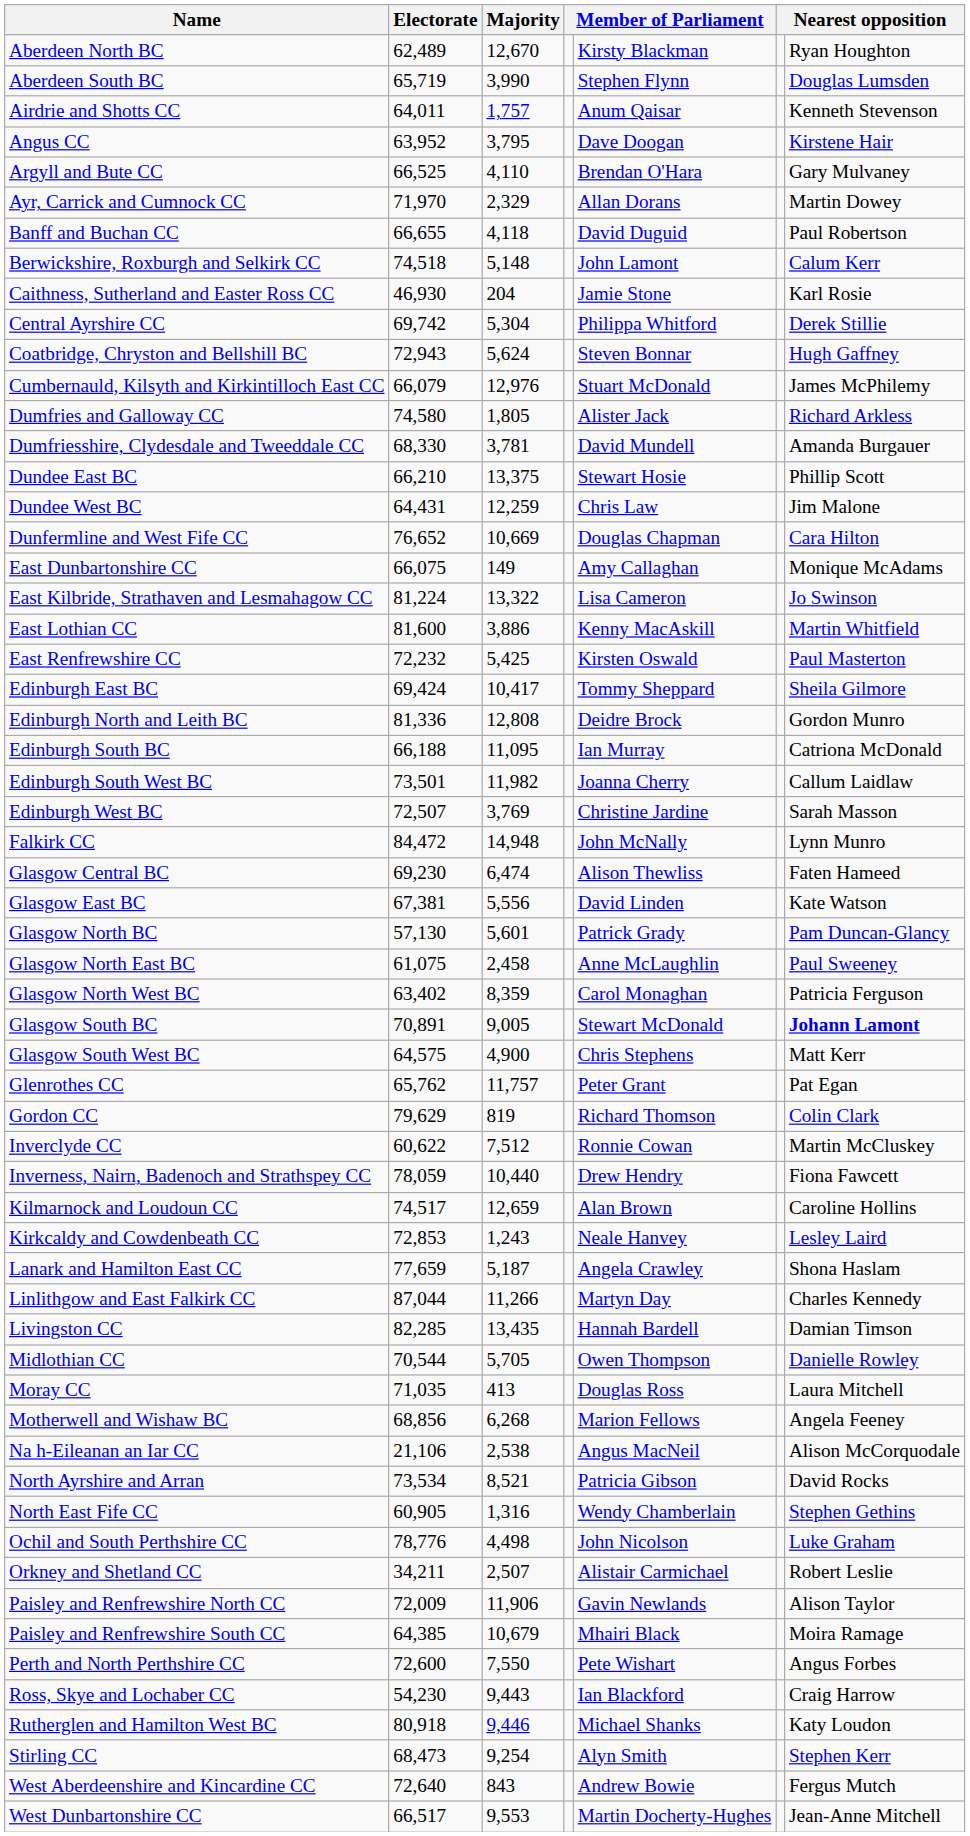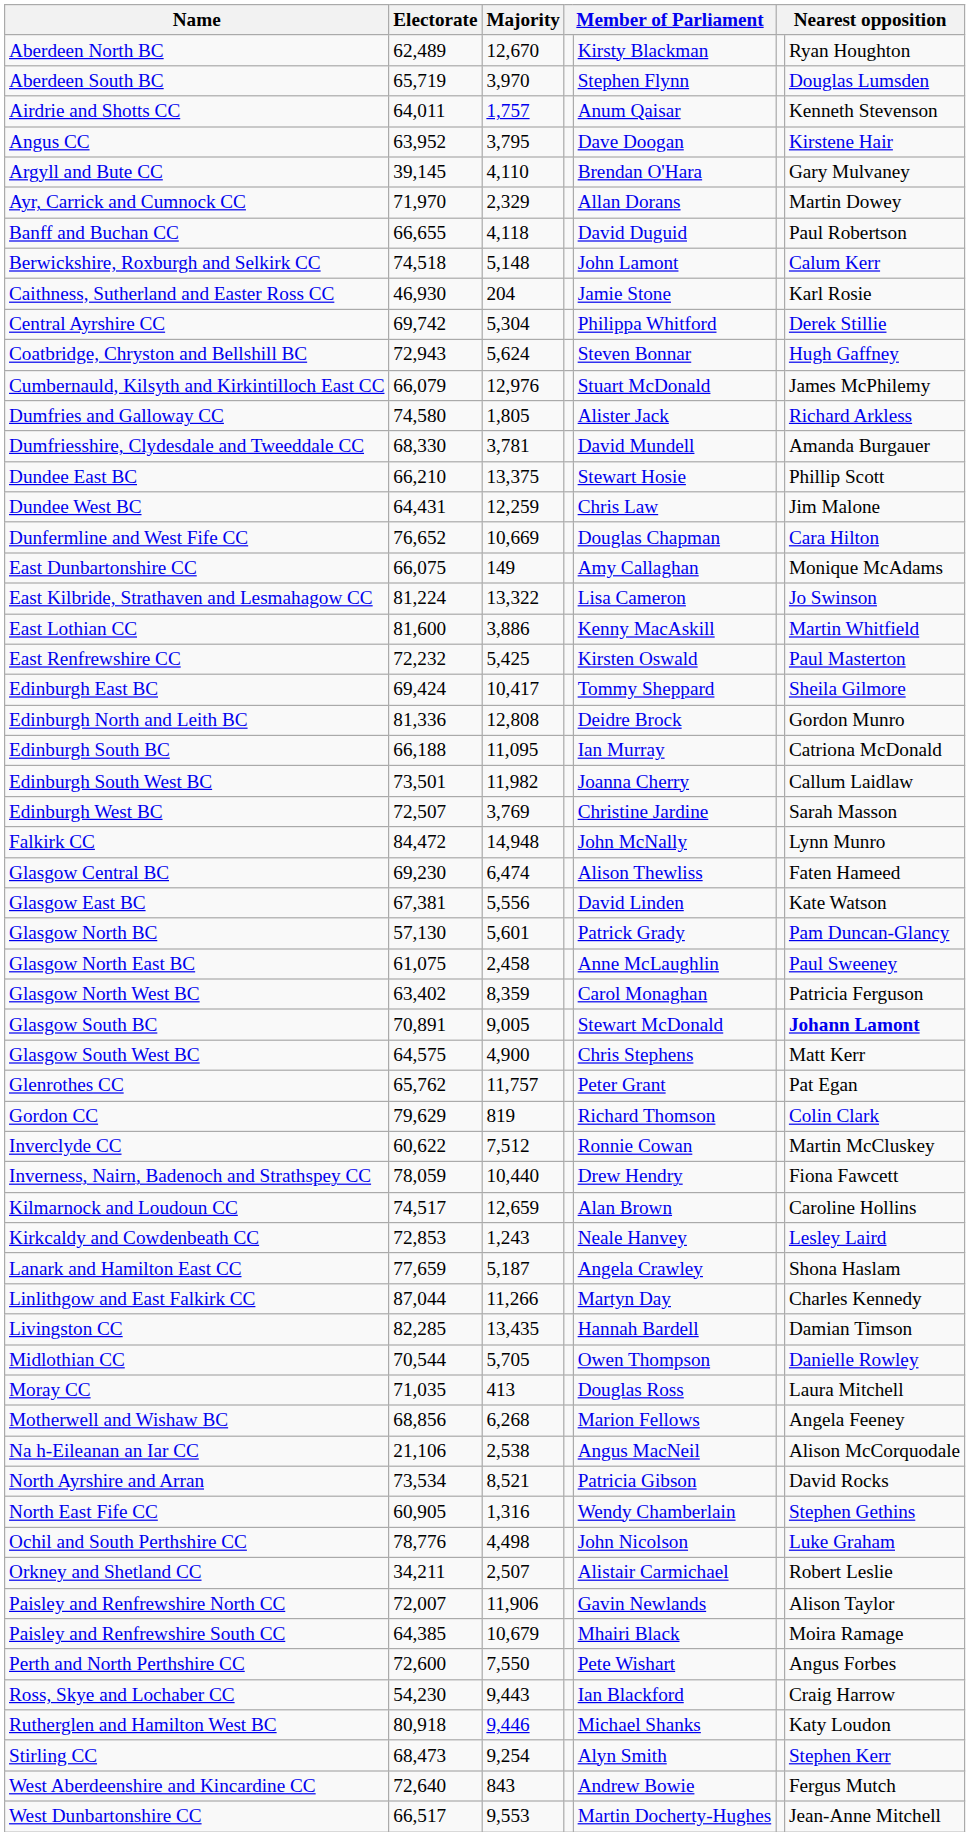 <table class="wikitable sortable">
 <tr>
 <th rowspan=1>Name</th>
 <th rowspan=1>Electorate</th>
 <th rowspan=1>Majority</th>
 <th colspan=2><a href='#'>Member of Parliament</a></th>
 <th colspan=2>Nearest opposition</th>
 </tr>
 <tr>
 <td><a href='#'>Aberdeen North BC</a></td>
 <td>62,489</td>
 <td>12,670</td>
 <td style="color:inherit;background:"></td>
 <td><a href='#'>Kirsty Blackman</a></td>
 <td style="color:inherit;background:"></td>
 <td>Ryan Houghton</td>
 </tr>
 <tr>
 <td><a href='#'>Aberdeen South BC</a></td>
 <td>65,719</td>
-<td>3,990</td>
+<td>3,970</td>
 <td style="color:inherit;background:"></td>
 <td><a href='#'>Stephen Flynn</a></td>
 <td style="color:inherit;background:"></td>
 <td><a href='#'>Douglas Lumsden</a></td>
 </tr>
 <tr>
 <td><a href='#'>Airdrie and Shotts CC</a></td>
 <td>64,011</td>
 <td><a href='#'>1,757</a></td>
 <td style="color:inherit;background:"></td>
 <td><a href='#'>Anum Qaisar</a></td>
 <td style="color:inherit;background:"></td>
 <td>Kenneth Stevenson</td>
 </tr>
 <tr>
 <td><a href='#'>Angus CC</a></td>
 <td>63,952</td>
 <td>3,795</td>
 <td style="color:inherit;background:"></td>
 <td><a href='#'>Dave Doogan</a></td>
 <td style="color:inherit;background:"></td>
 <td><a href='#'>Kirstene Hair</a></td>
 </tr>
 <tr>
 <td><a href='#'>Argyll and Bute CC</a></td>
-<td>66,525</td>
+<td>39,145</td>
 <td>4,110</td>
 <td style="color:inherit;background:"></td>
 <td><a href='#'>Brendan O'Hara</a></td>
 <td style="color:inherit;background:"></td>
 <td>Gary Mulvaney</td>
 </tr>
 <tr>
 <td><a href='#'>Ayr, Carrick and Cumnock CC</a></td>
 <td>71,970</td>
 <td>2,329</td>
 <td style="color:inherit;background:"></td>
 <td><a href='#'>Allan Dorans</a></td>
 <td style="color:inherit;background:"></td>
 <td>Martin Dowey</td>
 </tr>
 <tr>
 <td><a href='#'>Banff and Buchan CC</a></td>
 <td>66,655</td>
 <td>4,118</td>
 <td style="color:inherit;background:"></td>
 <td><a href='#'>David Duguid</a></td>
 <td style="color:inherit;background:"></td>
 <td>Paul Robertson</td>
 </tr>
 <tr>
 <td><a href='#'>Berwickshire, Roxburgh and Selkirk CC</a></td>
 <td>74,518</td>
 <td>5,148</td>
 <td style="color:inherit;background:"></td>
 <td><a href='#'>John Lamont</a></td>
 <td style="color:inherit;background:"></td>
 <td><a href='#'>Calum Kerr</a></td>
 </tr>
 <tr>
 <td><a href='#'>Caithness, Sutherland and Easter Ross CC</a></td>
 <td>46,930</td>
 <td>204</td>
 <td style="color:inherit;background:"></td>
 <td><a href='#'>Jamie Stone</a></td>
 <td style="color:inherit;background:"></td>
 <td>Karl Rosie</td>
 </tr>
 <tr>
 <td><a href='#'>Central Ayrshire CC</a></td>
 <td>69,742</td>
 <td>5,304</td>
 <td style="color:inherit;background:"></td>
 <td><a href='#'>Philippa Whitford</a></td>
 <td style="color:inherit;background:"></td>
 <td><a href='#'>Derek Stillie</a></td>
 </tr>
 <tr>
 <td><a href='#'>Coatbridge, Chryston and Bellshill BC</a></td>
 <td>72,943</td>
 <td>5,624</td>
 <td style="color:inherit;background:"></td>
 <td><a href='#'>Steven Bonnar</a></td>
 <td style="color:inherit;background:"></td>
 <td><a href='#'>Hugh Gaffney</a></td>
 </tr>
 <tr>
 <td><a href='#'>Cumbernauld, Kilsyth and Kirkintilloch East CC</a></td>
 <td>66,079</td>
 <td>12,976</td>
 <td style="color:inherit;background:"></td>
 <td><a href='#'>Stuart McDonald</a></td>
 <td style="color:inherit;background:"></td>
 <td>James McPhilemy</td>
 </tr>
 <tr>
 <td><a href='#'>Dumfries and Galloway CC</a></td>
 <td>74,580</td>
 <td>1,805</td>
 <td style="color:inherit;background:"></td>
 <td><a href='#'>Alister Jack</a></td>
 <td style="color:inherit;background:"></td>
 <td><a href='#'>Richard Arkless</a></td>
 </tr>
 <tr>
 <td><a href='#'>Dumfriesshire, Clydesdale and Tweeddale CC</a></td>
 <td>68,330</td>
 <td>3,781</td>
 <td style="color:inherit;background:"></td>
 <td><a href='#'>David Mundell</a></td>
 <td style="color:inherit;background:"></td>
 <td>Amanda Burgauer</td>
 </tr>
 <tr>
 <td><a href='#'>Dundee East BC</a></td>
 <td>66,210</td>
 <td>13,375</td>
 <td style="color:inherit;background:"></td>
 <td><a href='#'>Stewart Hosie</a></td>
 <td style="color:inherit;background:"></td>
 <td>Phillip Scott</td>
 </tr>
 <tr>
 <td><a href='#'>Dundee West BC</a></td>
 <td>64,431</td>
 <td>12,259</td>
 <td style="color:inherit;background:"></td>
 <td><a href='#'>Chris Law</a></td>
 <td style="color:inherit;background:"></td>
 <td>Jim Malone</td>
 </tr>
 <tr>
 <td><a href='#'>Dunfermline and West Fife CC</a></td>
 <td>76,652</td>
 <td>10,669</td>
 <td style="color:inherit;background:"></td>
 <td><a href='#'>Douglas Chapman</a></td>
 <td style="color:inherit;background:"></td>
 <td><a href='#'>Cara Hilton</a></td>
 </tr>
 <tr>
 <td><a href='#'>East Dunbartonshire CC</a></td>
 <td>66,075</td>
 <td>149</td>
 <td style="color:inherit;background:"></td>
 <td><a href='#'>Amy Callaghan</a></td>
 <td style="color:inherit;background:"></td>
 <td>Monique McAdams</td>
 </tr>
 <tr>
 <td><a href='#'>East Kilbride, Strathaven and Lesmahagow CC</a></td>
 <td>81,224</td>
 <td>13,322</td>
 <td style="color:inherit;background:"></td>
 <td><a href='#'>Lisa Cameron</a></td>
 <td style="color:inherit;background:"></td>
 <td><a href='#'>Jo Swinson</a></td>
 </tr>
 <tr>
 <td><a href='#'>East Lothian CC</a></td>
 <td>81,600</td>
 <td>3,886</td>
 <td style="color:inherit;background:"></td>
 <td><a href='#'>Kenny MacAskill</a></td>
 <td style="color:inherit;background:"></td>
 <td><a href='#'>Martin Whitfield</a></td>
 </tr>
 <tr>
 <td><a href='#'>East Renfrewshire CC</a></td>
 <td>72,232</td>
 <td>5,425</td>
 <td style="color:inherit;background:"></td>
 <td><a href='#'>Kirsten Oswald</a></td>
 <td style="color:inherit;background:"></td>
 <td><a href='#'>Paul Masterton</a></td>
 </tr>
 <tr>
 <td><a href='#'>Edinburgh East BC</a></td>
 <td>69,424</td>
 <td>10,417</td>
 <td style="color:inherit;background:"></td>
 <td><a href='#'>Tommy Sheppard</a></td>
 <td style="color:inherit;background:"></td>
 <td><a href='#'>Sheila Gilmore</a></td>
 </tr>
 <tr>
 <td><a href='#'>Edinburgh North and Leith BC</a></td>
 <td>81,336</td>
 <td>12,808</td>
 <td style="color:inherit;background:"></td>
 <td><a href='#'>Deidre Brock</a></td>
 <td style="color:inherit;background:"></td>
 <td>Gordon Munro</td>
 </tr>
 <tr>
 <td><a href='#'>Edinburgh South BC</a></td>
 <td>66,188</td>
 <td>11,095</td>
 <td style="color:inherit;background:"></td>
 <td><a href='#'>Ian Murray</a></td>
 <td style="color:inherit;background:"></td>
 <td>Catriona McDonald</td>
 </tr>
 <tr>
 <td><a href='#'>Edinburgh South West BC</a></td>
 <td>73,501</td>
 <td>11,982</td>
 <td style="color:inherit;background:"></td>
 <td><a href='#'>Joanna Cherry</a></td>
 <td style="color:inherit;background:"></td>
 <td>Callum Laidlaw</td>
 </tr>
 <tr>
 <td><a href='#'>Edinburgh West BC</a></td>
 <td>72,507</td>
 <td>3,769</td>
 <td style="color:inherit;background:"></td>
 <td><a href='#'>Christine Jardine</a></td>
 <td style="color:inherit;background:"></td>
 <td>Sarah Masson</td>
 </tr>
 <tr>
 <td><a href='#'>Falkirk CC</a></td>
 <td>84,472</td>
 <td>14,948</td>
 <td style="color:inherit;background:"></td>
 <td><a href='#'>John McNally</a></td>
 <td style="color:inherit;background:"></td>
 <td>Lynn Munro</td>
 </tr>
 <tr>
 <td><a href='#'>Glasgow Central BC</a></td>
 <td>69,230</td>
 <td>6,474</td>
 <td style="color:inherit;background:"></td>
 <td><a href='#'>Alison Thewliss</a></td>
 <td style="color:inherit;background:"></td>
 <td>Faten Hameed</td>
 </tr>
 <tr>
 <td><a href='#'>Glasgow East BC</a></td>
 <td>67,381</td>
 <td>5,556</td>
 <td style="color:inherit;background:"></td>
 <td><a href='#'>David Linden</a></td>
 <td style="color:inherit;background:"></td>
 <td>Kate Watson</td>
 </tr>
 <tr>
 <td><a href='#'>Glasgow North BC</a></td>
 <td>57,130</td>
 <td>5,601</td>
 <td style="color:inherit;background:"></td>
 <td><a href='#'>Patrick Grady</a></td>
 <td style="color:inherit;background:"></td>
 <td><a href='#'>Pam Duncan-Glancy</a></td>
 </tr>
 <tr>
 <td><a href='#'>Glasgow North East BC</a></td>
 <td>61,075</td>
 <td>2,458</td>
 <td style="color:inherit;background:"></td>
 <td><a href='#'>Anne McLaughlin</a></td>
 <td style="color:inherit;background:"></td>
 <td><a href='#'>Paul Sweeney</a></td>
 </tr>
 <tr>
 <td><a href='#'>Glasgow North West BC</a></td>
 <td>63,402</td>
 <td>8,359</td>
 <td style="color:inherit;background:"></td>
 <td><a href='#'>Carol Monaghan</a></td>
 <td style="color:inherit;background:"></td>
 <td>Patricia Ferguson</td>
 </tr>
 <tr>
 <td><a href='#'>Glasgow South BC</a></td>
 <td>70,891</td>
 <td>9,005</td>
 <td style="color:inherit;background:"></td>
 <td><a href='#'>Stewart McDonald</a></td>
 <td style="color:inherit;background:"></td>
 <td><strong><a href='#'>Johann Lamont</a></strong></td>
 </tr>
 <tr>
 <td><a href='#'>Glasgow South West BC</a></td>
 <td>64,575</td>
 <td>4,900</td>
 <td style="color:inherit;background:"></td>
 <td><a href='#'>Chris Stephens</a></td>
 <td style="color:inherit;background:"></td>
 <td>Matt Kerr</td>
 </tr>
 <tr>
 <td><a href='#'>Glenrothes CC</a></td>
 <td>65,762</td>
 <td>11,757</td>
 <td style="color:inherit;background:"></td>
 <td><a href='#'>Peter Grant</a></td>
 <td style="color:inherit;background:"></td>
 <td>Pat Egan</td>
 </tr>
 <tr>
 <td><a href='#'>Gordon CC</a></td>
 <td>79,629</td>
 <td>819</td>
 <td style="color:inherit;background:"></td>
 <td><a href='#'>Richard Thomson</a></td>
 <td style="color:inherit;background:"></td>
 <td><a href='#'>Colin Clark</a></td>
 </tr>
 <tr>
 <td><a href='#'>Inverclyde CC</a></td>
 <td>60,622</td>
 <td>7,512</td>
 <td style="color:inherit;background:"></td>
 <td><a href='#'>Ronnie Cowan</a></td>
 <td style="color:inherit;background:"></td>
 <td>Martin McCluskey</td>
 </tr>
 <tr>
 <td><a href='#'>Inverness, Nairn, Badenoch and Strathspey CC</a></td>
 <td>78,059</td>
 <td>10,440</td>
 <td style="color:inherit;background:"></td>
 <td><a href='#'>Drew Hendry</a></td>
 <td style="color:inherit;background:"></td>
 <td>Fiona Fawcett</td>
 </tr>
 <tr>
 <td><a href='#'>Kilmarnock and Loudoun CC</a></td>
 <td>74,517</td>
 <td>12,659</td>
 <td style="color:inherit;background:"></td>
 <td><a href='#'>Alan Brown</a></td>
 <td style="color:inherit;background:"></td>
 <td>Caroline Hollins</td>
 </tr>
 <tr>
 <td><a href='#'>Kirkcaldy and Cowdenbeath CC</a></td>
 <td>72,853</td>
 <td>1,243</td>
 <td style="color:inherit;background:"></td>
 <td><a href='#'>Neale Hanvey</a></td>
 <td style="color:inherit;background:"></td>
 <td><a href='#'>Lesley Laird</a></td>
 </tr>
 <tr>
 <td><a href='#'>Lanark and Hamilton East CC</a></td>
 <td>77,659</td>
 <td>5,187</td>
 <td style="color:inherit;background:"></td>
 <td><a href='#'>Angela Crawley</a></td>
 <td style="color:inherit;background:"></td>
 <td>Shona Haslam</td>
 </tr>
 <tr>
 <td><a href='#'>Linlithgow and East Falkirk CC</a></td>
 <td>87,044</td>
 <td>11,266</td>
 <td style="color:inherit;background:"></td>
 <td><a href='#'>Martyn Day</a></td>
 <td style="color:inherit;background:"></td>
 <td>Charles Kennedy</td>
 </tr>
 <tr>
 <td><a href='#'>Livingston CC</a></td>
 <td>82,285</td>
 <td>13,435</td>
 <td style="color:inherit;background:"></td>
 <td><a href='#'>Hannah Bardell</a></td>
 <td style="color:inherit;background:"></td>
 <td>Damian Timson</td>
 </tr>
 <tr>
 <td><a href='#'>Midlothian CC</a></td>
 <td>70,544</td>
 <td>5,705</td>
 <td style="color:inherit;background:"></td>
 <td><a href='#'>Owen Thompson</a></td>
 <td style="color:inherit;background:"></td>
 <td><a href='#'>Danielle Rowley</a></td>
 </tr>
 <tr>
 <td><a href='#'>Moray CC</a></td>
 <td>71,035</td>
 <td>413</td>
 <td style="color:inherit;background:"></td>
 <td><a href='#'>Douglas Ross</a></td>
 <td style="color:inherit;background:"></td>
 <td>Laura Mitchell</td>
 </tr>
 <tr>
 <td><a href='#'>Motherwell and Wishaw BC</a></td>
 <td>68,856</td>
 <td>6,268</td>
 <td style="color:inherit;background:"></td>
 <td><a href='#'>Marion Fellows</a></td>
 <td style="color:inherit;background:"></td>
 <td>Angela Feeney</td>
 </tr>
 <tr>
 <td><a href='#'>Na h-Eileanan an Iar CC</a></td>
 <td>21,106</td>
 <td>2,538</td>
 <td style="color:inherit;background:"></td>
 <td><a href='#'>Angus MacNeil</a></td>
 <td style="color:inherit;background:"></td>
 <td>Alison McCorquodale</td>
 </tr>
 <tr>
 <td><a href='#'>North Ayrshire and Arran</a></td>
 <td>73,534</td>
 <td>8,521</td>
 <td style="color:inherit;background:"></td>
 <td><a href='#'>Patricia Gibson</a></td>
 <td style="color:inherit;background:"></td>
 <td>David Rocks</td>
 </tr>
 <tr>
 <td><a href='#'>North East Fife CC</a></td>
 <td>60,905</td>
 <td>1,316</td>
 <td style="color:inherit;background:"></td>
 <td><a href='#'>Wendy Chamberlain</a></td>
 <td style="color:inherit;background:"></td>
 <td><a href='#'>Stephen Gethins</a></td>
 </tr>
 <tr>
 <td><a href='#'>Ochil and South Perthshire CC</a></td>
 <td>78,776</td>
 <td>4,498</td>
 <td style="color:inherit;background:"></td>
 <td><a href='#'>John Nicolson</a></td>
 <td style="color:inherit;background:"></td>
 <td><a href='#'>Luke Graham</a></td>
 </tr>
 <tr>
 <td><a href='#'>Orkney and Shetland CC</a></td>
 <td>34,211</td>
 <td>2,507</td>
 <td style="color:inherit;background:"></td>
 <td><a href='#'>Alistair Carmichael</a></td>
 <td style="color:inherit;background:"></td>
 <td>Robert Leslie</td>
 </tr>
 <tr>
 <td><a href='#'>Paisley and Renfrewshire North CC</a></td>
-<td>72,009</td>
+<td>72,007</td>
 <td>11,906</td>
 <td style="color:inherit;background:"></td>
 <td><a href='#'>Gavin Newlands</a></td>
 <td style="color:inherit;background:"></td>
 <td>Alison Taylor</td>
 </tr>
 <tr>
 <td><a href='#'>Paisley and Renfrewshire South CC</a></td>
 <td>64,385</td>
 <td>10,679</td>
 <td style="color:inherit;background:"></td>
 <td><a href='#'>Mhairi Black</a></td>
 <td style="color:inherit;background:"></td>
 <td>Moira Ramage</td>
 </tr>
 <tr>
 <td><a href='#'>Perth and North Perthshire CC</a></td>
 <td>72,600</td>
 <td>7,550</td>
 <td style="color:inherit;background:"></td>
 <td><a href='#'>Pete Wishart</a></td>
 <td style="color:inherit;background:"></td>
 <td>Angus Forbes</td>
 </tr>
 <tr>
 <td><a href='#'>Ross, Skye and Lochaber CC</a></td>
 <td>54,230</td>
 <td>9,443</td>
 <td style="color:inherit;background:"></td>
 <td><a href='#'>Ian Blackford</a></td>
 <td style="color:inherit;background:"></td>
 <td>Craig Harrow</td>
 </tr>
 <tr>
 <td><a href='#'>Rutherglen and Hamilton West BC</a></td>
 <td>80,918</td>
 <td><a href='#'>9,446</a></td>
 <td style="color:inherit;background:"></td>
 <td><a href='#'>Michael Shanks</a></td>
 <td style="color:inherit;background:"></td>
 <td>Katy Loudon</td>
 </tr>
 <tr>
 <td><a href='#'>Stirling CC</a></td>
 <td>68,473</td>
 <td>9,254</td>
 <td style="color:inherit;background:"></td>
 <td><a href='#'>Alyn Smith</a></td>
 <td style="color:inherit;background:"></td>
 <td><a href='#'>Stephen Kerr</a></td>
 </tr>
 <tr>
 <td><a href='#'>West Aberdeenshire and Kincardine CC</a></td>
 <td>72,640</td>
 <td>843</td>
 <td style="color:inherit;background:"></td>
 <td><a href='#'>Andrew Bowie</a></td>
 <td style="color:inherit;background:"></td>
 <td>Fergus Mutch</td>
 </tr>
 <tr>
 <td><a href='#'>West Dunbartonshire CC</a></td>
 <td>66,517</td>
 <td>9,553</td>
 <td style="color:inherit;background:"></td>
 <td><a href='#'>Martin Docherty-Hughes</a></td>
 <td style="color:inherit;background:"></td>
 <td>Jean-Anne Mitchell</td>
 </tr>
 </table>
